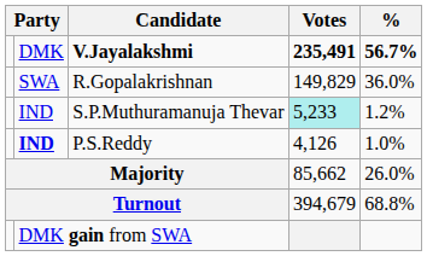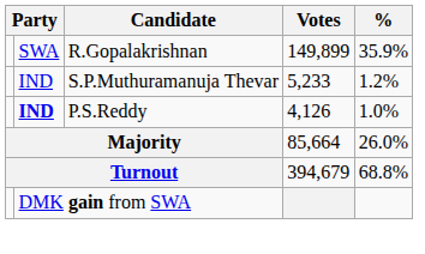 <table class="wikitable">
 <tr>
 <th colspan="2">Party</th>
 <th>Candidate</th>
 <th>Votes</th>
 <th>%</th>
 </tr>
 <tr>
 <td></td>
-<td><a href='#'>DMK</a></td>
-<td><strong>V.Jayalakshmi</strong></td>
-<td><strong>235,491</strong></td>
-<td><strong>56.7%</strong></td>
-</tr>
-<tr>
-<td></td>
 <td><a href='#'>SWA</a></td>
 <td>R.Gopalakrishnan</td>
-<td>149,829</td>
-<td>36.0%</td>
+<td>149,899</td>
+<td>35.9%</td>
 </tr>
 <tr>
 <td></td>
 <td><a href='#'>IND</a></td>
 <td>S.P.Muthuramanuja Thevar</td>
-<td style="background: paleturquoise;">5,233</td>
+<td>5,233</td>
 <td>1.2%</td>
 </tr>
 <tr>
 <td></td>
 <td><strong><a href='#'>IND</a></strong></td>
 <td>P.S.Reddy</td>
 <td>4,126</td>
 <td>1.0%</td>
 </tr>
 <tr>
 <th colspan="3">Majority</th>
-<td>85,662</td>
+<td>85,664</td>
 <td>26.0%</td>
 </tr>
 <tr>
 <th colspan="3"><a href='#'>Turnout</a></th>
 <td>394,679</td>
 <td>68.8%</td>
 </tr>
 <tr>
 <td></td>
 <td colspan="2"><a href='#'>DMK</a> <strong>gain</strong> from <a href='#'>SWA</a></td>
 <th></th>
 <td></td>
 </tr>
 </table>
